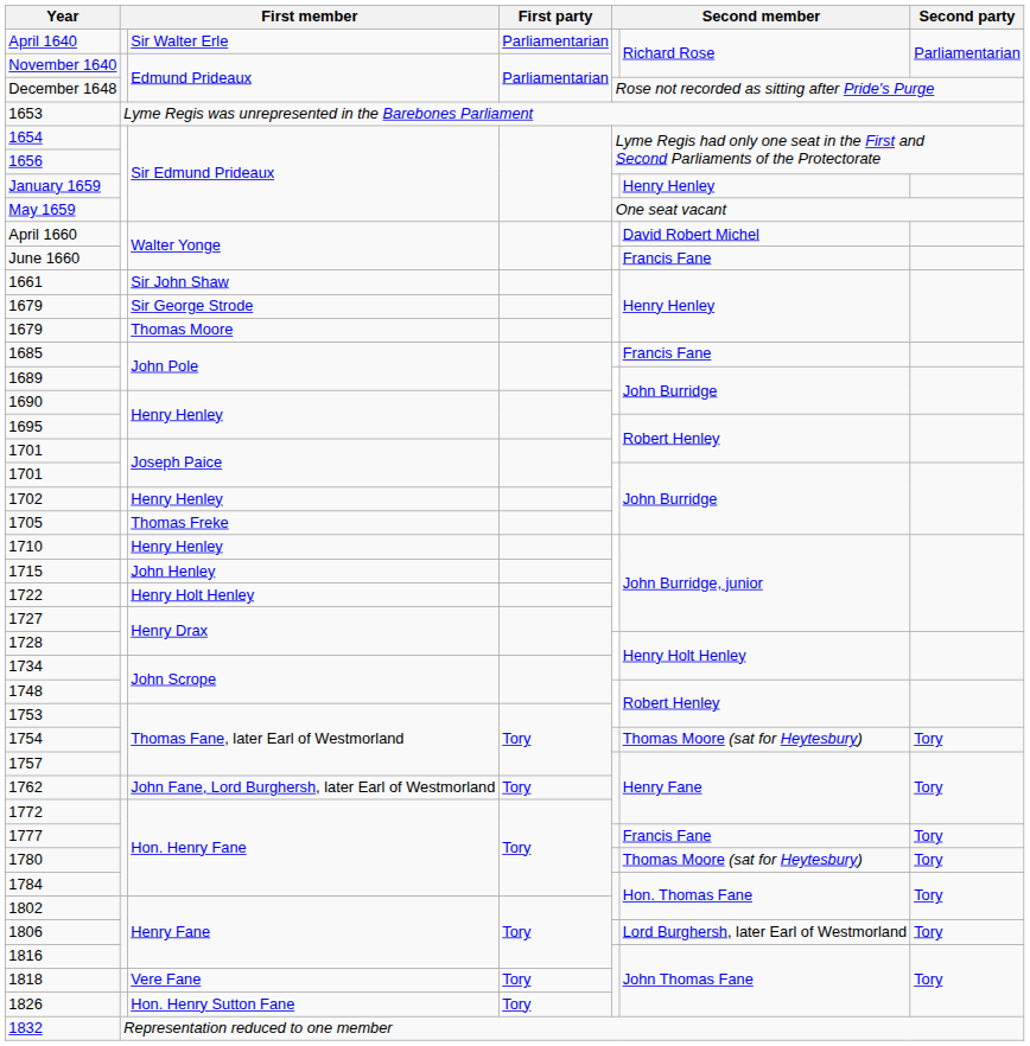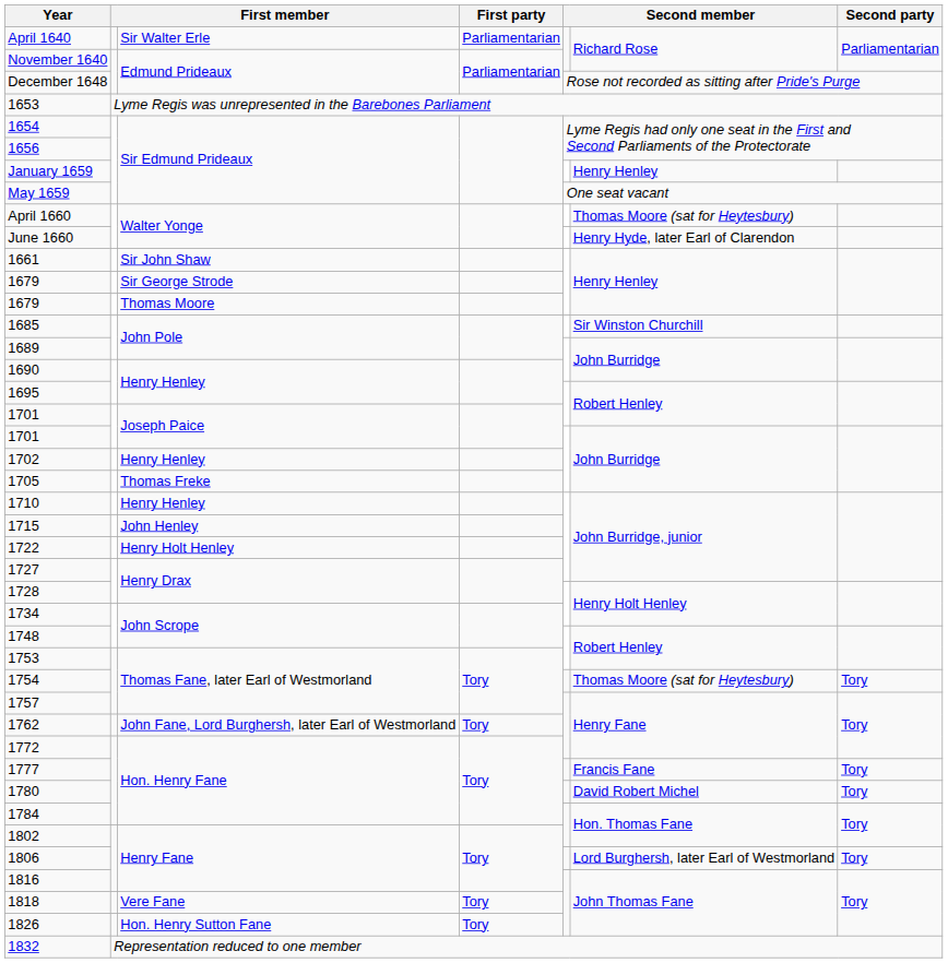 <table class="wikitable">
 <tr>
 <th>Year</th>
 <th colspan="2">First member</th>
 <th>First party</th>
 <th colspan="2">Second member</th>
 <th>Second party</th>
 </tr>
 <tr>
 <td><a href='#'>April 1640</a></td>
 <td style="color:inherit;background-color: "></td>
 <td><a href='#'>Sir Walter Erle</a></td>
 <td><a href='#'>Parliamentarian</a></td>
 <td rowspan="2" style="color:inherit;background-color: "></td>
 <td rowspan="2"><a href='#'>Richard Rose</a></td>
 <td rowspan="2"><a href='#'>Parliamentarian</a></td>
 </tr>
 <tr>
 <td><a href='#'>November 1640</a></td>
 <td rowspan="2" style="color:inherit;background-color: "></td>
 <td rowspan="2"><a href='#'>Edmund Prideaux</a></td>
 <td rowspan="2"><a href='#'>Parliamentarian</a></td>
 </tr>
 <tr>
 <td>December 1648</td>
 <td colspan="3"><em>Rose not recorded as sitting after <a href='#'>Pride's Purge</a></em></td>
 </tr>
 <tr>
 <td>1653</td>
 <td colspan="6"><em>Lyme Regis was unrepresented in the <a href='#'>Barebones Parliament</a></em></td>
 </tr>
 <tr>
 <td><a href='#'>1654</a></td>
 <td rowspan="4" style="color:inherit;background-color: white"></td>
 <td rowspan="4"><a href='#'>Sir Edmund Prideaux</a></td>
 <td rowspan="4"></td>
 <td rowspan="2" colspan="3"><em>Lyme Regis had only one seat in the <a href='#'>First</a> and <br><a href='#'>Second</a> Parliaments of the Protectorate</em></td>
 </tr>
 <tr>
 <td><a href='#'>1656</a></td>
 </tr>
 <tr>
 <td><a href='#'>January 1659</a></td>
 <td style="color:inherit;background-color: white"></td>
 <td><a href='#'>Henry Henley</a></td>
 <td></td>
 </tr>
 <tr>
 <td><a href='#'>May 1659</a></td>
 <td colspan="3"><em>One seat vacant</em></td>
 </tr>
 <tr>
 <td>April 1660</td>
 <td rowspan="2" style="color:inherit;background-color: white"></td>
 <td rowspan="2"><a href='#'>Walter Yonge</a></td>
 <td rowspan="2"></td>
 <td style="color:inherit;background-color: white"></td>
-<td><a href='#'>David Robert Michel</a></td>
+<td><a href='#'>Thomas Moore</a>  <em>(sat for <a href='#'>Heytesbury</a>)</em></td>
 <td></td>
 </tr>
 <tr>
 <td>June 1660</td>
 <td style="color:inherit;background-color: white"></td>
-<td><a href='#'>Francis Fane</a></td>
+<td><a href='#'>Henry Hyde</a>, later Earl of Clarendon</td>
 <td></td>
 </tr>
 <tr>
 <td>1661</td>
 <td style="color:inherit;background-color: white"></td>
 <td><a href='#'>Sir John Shaw</a></td>
 <td></td>
 <td rowspan="3" style="color:inherit;background-color: white"></td>
 <td rowspan="3"><a href='#'>Henry Henley</a></td>
 <td rowspan="3"></td>
 </tr>
 <tr>
 <td>1679</td>
 <td style="color:inherit;background-color: white"></td>
 <td><a href='#'>Sir George Strode</a></td>
 <td></td>
 </tr>
 <tr>
 <td>1679</td>
 <td style="color:inherit;background-color: white"></td>
 <td><a href='#'>Thomas Moore</a></td>
 <td></td>
 </tr>
 <tr>
 <td>1685</td>
 <td rowspan="2" style="color:inherit;background-color: white"></td>
 <td rowspan="2"><a href='#'>John Pole</a></td>
 <td rowspan="2"></td>
 <td style="color:inherit;background-color: white"></td>
-<td><a href='#'>Francis Fane</a></td>
+<td><a href='#'>Sir Winston Churchill</a></td>
 <td></td>
 </tr>
 <tr>
 <td>1689</td>
 <td rowspan="2" style="color:inherit;background-color: white"></td>
 <td rowspan="2"><a href='#'>John Burridge</a></td>
 <td rowspan="2"></td>
 </tr>
 <tr>
 <td>1690</td>
 <td rowspan="2" style="color:inherit;background-color: white"></td>
 <td rowspan="2"><a href='#'>Henry Henley</a></td>
 <td rowspan="2"></td>
 </tr>
 <tr>
 <td>1695</td>
 <td rowspan="2" style="color:inherit;background-color: white"></td>
 <td rowspan="2"><a href='#'>Robert Henley</a></td>
 <td rowspan="2"></td>
 </tr>
 <tr>
 <td>1701</td>
 <td rowspan="2" style="color:inherit;background-color: white"></td>
 <td rowspan="2"><a href='#'>Joseph Paice</a></td>
 <td rowspan="2"></td>
 </tr>
 <tr>
 <td>1701</td>
 <td rowspan="3" style="color:inherit;background-color: white"></td>
 <td rowspan="3"><a href='#'>John Burridge</a></td>
 <td rowspan="3"></td>
 </tr>
 <tr>
 <td>1702</td>
 <td style="color:inherit;background-color: white"></td>
 <td><a href='#'>Henry Henley</a></td>
 <td></td>
 </tr>
 <tr>
 <td>1705</td>
 <td style="color:inherit;background-color: white"></td>
 <td><a href='#'>Thomas Freke</a></td>
 <td></td>
 </tr>
 <tr>
 <td>1710</td>
 <td style="color:inherit;background-color: white"></td>
 <td><a href='#'>Henry Henley</a></td>
 <td></td>
 <td rowspan="4" style="color:inherit;background-color: white"></td>
 <td rowspan="4"><a href='#'>John Burridge, junior</a></td>
 <td rowspan="4"></td>
 </tr>
 <tr>
 <td>1715</td>
 <td style="color:inherit;background-color: white"></td>
 <td><a href='#'>John Henley</a></td>
 <td></td>
 </tr>
 <tr>
 <td>1722</td>
 <td style="color:inherit;background-color: white"></td>
 <td><a href='#'>Henry Holt Henley</a></td>
 <td></td>
 </tr>
 <tr>
 <td>1727</td>
 <td rowspan="2" style="color:inherit;background-color: white"></td>
 <td rowspan="2"><a href='#'>Henry Drax</a></td>
 <td rowspan="2"></td>
 </tr>
 <tr>
 <td>1728</td>
 <td rowspan="2" style="color:inherit;background-color: white"></td>
 <td rowspan="2"><a href='#'>Henry Holt Henley</a></td>
 <td rowspan="2"></td>
 </tr>
 <tr>
 <td>1734</td>
 <td rowspan="2" style="color:inherit;background-color: white"></td>
 <td rowspan="2"><a href='#'>John Scrope</a></td>
 <td rowspan="2"></td>
 </tr>
 <tr>
 <td>1748</td>
 <td rowspan="2" style="color:inherit;background-color: white"></td>
 <td rowspan="2"><a href='#'>Robert Henley</a></td>
 <td rowspan="2"></td>
 </tr>
 <tr>
 <td>1753</td>
 <td rowspan="3" style="color:inherit;background-color: "></td>
 <td rowspan="3"><a href='#'>Thomas Fane</a>, later Earl of Westmorland</td>
 <td rowspan="3"><a href='#'>Tory</a></td>
 </tr>
 <tr>
 <td>1754</td>
 <td style="color:inherit;background-color: "></td>
 <td><a href='#'>Thomas Moore</a>  <em>(sat for <a href='#'>Heytesbury</a>)</em></td>
 <td><a href='#'>Tory</a></td>
 </tr>
 <tr>
 <td>1757</td>
 <td rowspan="3" style="color:inherit;background-color: "></td>
 <td rowspan="3"><a href='#'>Henry Fane</a></td>
 <td rowspan="3"><a href='#'>Tory</a></td>
 </tr>
 <tr>
 <td>1762</td>
 <td style="color:inherit;background-color: "></td>
 <td><a href='#'>John Fane, Lord Burghersh</a>, later Earl of Westmorland</td>
 <td><a href='#'>Tory</a></td>
 </tr>
 <tr>
 <td>1772</td>
 <td rowspan="4" style="color:inherit;background-color: "></td>
 <td rowspan="4"><a href='#'>Hon. Henry Fane</a></td>
 <td rowspan="4"><a href='#'>Tory</a></td>
 </tr>
 <tr>
 <td>1777</td>
 <td style="color:inherit;background-color: "></td>
 <td><a href='#'>Francis Fane</a></td>
 <td><a href='#'>Tory</a></td>
 </tr>
 <tr>
 <td>1780</td>
 <td style="color:inherit;background-color: "></td>
-<td><a href='#'>Thomas Moore</a>  <em>(sat for <a href='#'>Heytesbury</a>)</em></td>
+<td><a href='#'>David Robert Michel</a></td>
 <td><a href='#'>Tory</a></td>
 </tr>
 <tr>
 <td>1784</td>
 <td rowspan="2" style="color:inherit;background-color: "></td>
 <td rowspan="2"><a href='#'>Hon. Thomas Fane</a></td>
 <td rowspan="2"><a href='#'>Tory</a></td>
 </tr>
 <tr>
 <td>1802</td>
 <td rowspan="3" style="color:inherit;background-color: "></td>
 <td rowspan="3"><a href='#'>Henry Fane</a></td>
 <td rowspan="3"><a href='#'>Tory</a></td>
 </tr>
 <tr>
 <td>1806</td>
 <td style="color:inherit;background-color: "></td>
 <td><a href='#'>Lord Burghersh</a>, later Earl of Westmorland</td>
 <td><a href='#'>Tory</a></td>
 </tr>
 <tr>
 <td>1816</td>
 <td rowspan="3" style="color:inherit;background-color: "></td>
 <td rowspan="3"><a href='#'>John Thomas Fane</a></td>
 <td rowspan="3"><a href='#'>Tory</a></td>
 </tr>
 <tr>
 <td>1818</td>
 <td style="color:inherit;background-color: "></td>
 <td><a href='#'>Vere Fane</a></td>
 <td><a href='#'>Tory</a></td>
 </tr>
 <tr>
 <td>1826</td>
 <td style="color:inherit;background-color: "></td>
 <td><a href='#'>Hon. Henry Sutton Fane</a></td>
 <td><a href='#'>Tory</a></td>
 </tr>
 <tr>
 <td><a href='#'>1832</a></td>
 <td colspan="6"><em>Representation reduced to one member</em></td>
 </tr>
 </table>
